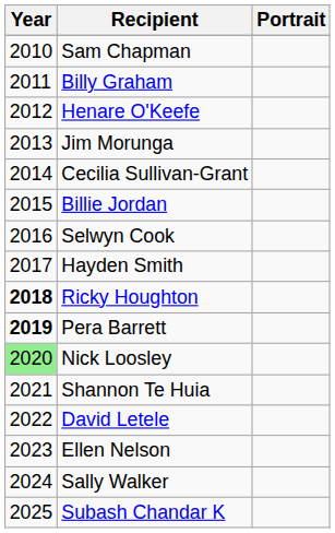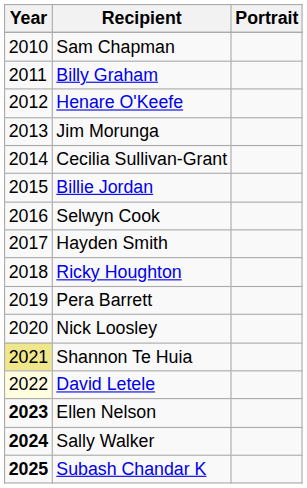 <table class="wikitable sortable">
 <tr>
 <th>Year</th>
 <th>Recipient</th>
 <th scope="col" class="unsortable">Portrait</th>
 </tr>
 <tr>
 </tr>
 <tr>
 <td>2010</td>
 <td>Sam Chapman</td>
 <td></td>
 </tr>
 <tr>
 <td>2011</td>
 <td><a href='#'>Billy Graham</a></td>
 <td></td>
 </tr>
 <tr>
 <td>2012</td>
 <td><a href='#'>Henare O'Keefe</a></td>
 <td></td>
 </tr>
 <tr>
 <td>2013</td>
 <td>Jim Morunga</td>
 <td></td>
 </tr>
 <tr>
 <td>2014</td>
 <td>Cecilia Sullivan-Grant</td>
 <td></td>
 </tr>
 <tr>
 <td>2015</td>
 <td><a href='#'>Billie Jordan</a></td>
 <td></td>
 </tr>
 <tr>
 <td>2016</td>
 <td>Selwyn Cook</td>
 <td></td>
 </tr>
 <tr>
 <td>2017</td>
 <td>Hayden Smith</td>
 <td></td>
 </tr>
 <tr>
-<td><strong>2018</strong></td>
+<td>2018</td>
 <td><a href='#'>Ricky Houghton</a></td>
 <td></td>
 </tr>
 <tr>
-<td><strong>2019</strong></td>
+<td>2019</td>
 <td>Pera Barrett</td>
 <td></td>
 </tr>
 <tr>
-<td style="background: lightgreen;">2020</td>
+<td>2020</td>
 <td>Nick Loosley</td>
 <td></td>
 </tr>
 <tr>
-<td>2021</td>
+<td style="background: khaki;">2021</td>
 <td>Shannon Te Huia</td>
 <td></td>
 </tr>
 <tr>
-<td>2022</td>
+<td style="background: lightyellow;">2022</td>
 <td><a href='#'>David Letele</a></td>
 <td></td>
 </tr>
 <tr>
-<td>2023</td>
+<td><strong>2023</strong></td>
 <td>Ellen Nelson</td>
 <td></td>
 </tr>
 <tr>
-<td>2024</td>
+<td><strong>2024</strong></td>
 <td>Sally Walker</td>
 <td></td>
 </tr>
 <tr>
-<td>2025</td>
+<td><strong>2025</strong></td>
 <td><a href='#'>Subash Chandar K</a></td>
 <td></td>
 </tr>
 </table>
